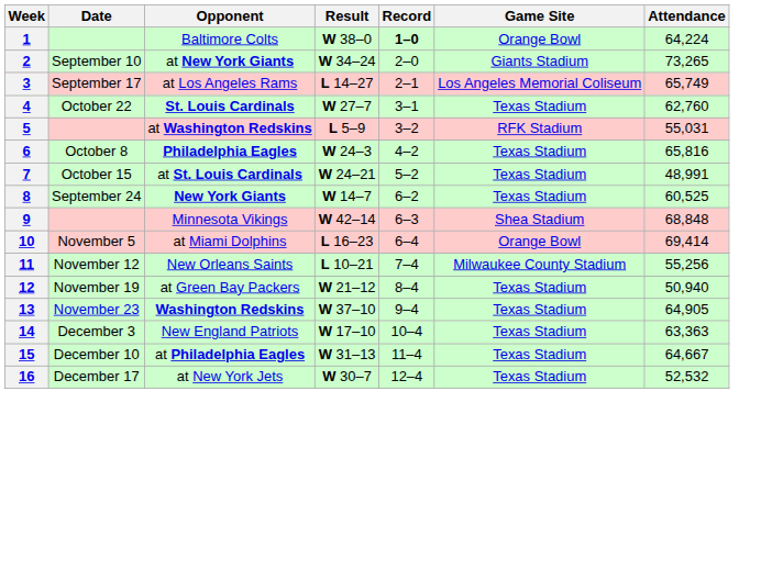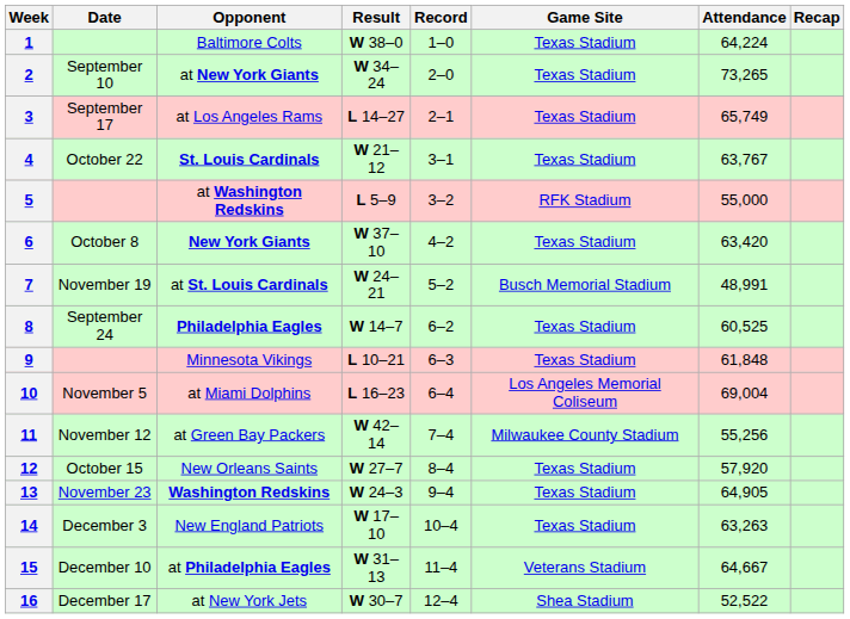 <table class="wikitable" style="text-align:center">
 <tr>
 <th>Week</th>
 <th>Date</th>
 <th>Opponent</th>
 <th>Result</th>
 <th>Record</th>
 <th>Game Site</th>
 <th>Attendance</th>
+<th>Recap</th>
 </tr>
 <tr style="background: #cfc">
 <th><a href='#'>1</a></th>
 <td></td>
 <td><a href='#'>Baltimore Colts</a></td>
 <td><strong>W</strong> 38–0</td>
-<td><strong>1–0</strong></td>
-<td><a href='#'>Orange Bowl</a></td>
+<td>1–0</td>
+<td><a href='#'>Texas Stadium</a></td>
 <td>64,224</td>
+<td></td>
 </tr>
 <tr style="background: #cfc">
 <th><a href='#'>2</a></th>
 <td>September 10</td>
 <td>at <strong><a href='#'>New York Giants</a></strong></td>
 <td><strong>W</strong> 34–24</td>
 <td>2–0</td>
-<td><a href='#'>Giants Stadium</a></td>
+<td><a href='#'>Texas Stadium</a></td>
 <td>73,265</td>
+<td></td>
 </tr>
 <tr style="background: #fcc">
 <th><a href='#'>3</a></th>
 <td>September 17</td>
 <td>at <a href='#'>Los Angeles Rams</a></td>
 <td><strong>L</strong> 14–27</td>
 <td>2–1</td>
-<td><a href='#'>Los Angeles Memorial Coliseum</a></td>
+<td><a href='#'>Texas Stadium</a></td>
 <td>65,749</td>
+<td></td>
 </tr>
 <tr style="background: #cfc">
 <th><a href='#'>4</a></th>
 <td>October 22</td>
 <td><strong><a href='#'>St. Louis Cardinals</a></strong></td>
-<td><strong>W</strong> 27–7</td>
+<td><strong>W</strong> 21–12</td>
 <td>3–1</td>
 <td><a href='#'>Texas Stadium</a></td>
-<td>62,760</td>
+<td>63,767</td>
+<td></td>
 </tr>
 <tr style="background: #fcc">
 <th><a href='#'>5</a></th>
 <td></td>
 <td>at <strong><a href='#'>Washington Redskins</a></strong></td>
 <td><strong>L</strong> 5–9</td>
 <td>3–2</td>
 <td><a href='#'>RFK Stadium</a></td>
-<td>55,031</td>
+<td>55,000</td>
+<td></td>
 </tr>
 <tr style="background: #cfc">
 <th><a href='#'>6</a></th>
 <td>October 8</td>
-<td><strong><a href='#'>Philadelphia Eagles</a></strong></td>
-<td><strong>W</strong> 24–3</td>
+<td><strong><a href='#'>New York Giants</a></strong></td>
+<td><strong>W</strong> 37–10</td>
 <td>4–2</td>
 <td><a href='#'>Texas Stadium</a></td>
-<td>65,816</td>
+<td>63,420</td>
+<td></td>
 </tr>
 <tr style="background: #cfc">
 <th><a href='#'>7</a></th>
-<td>October 15</td>
+<td>November 19</td>
 <td>at <strong><a href='#'>St. Louis Cardinals</a></strong></td>
 <td><strong>W</strong> 24–21 </td>
 <td>5–2</td>
-<td><a href='#'>Texas Stadium</a></td>
+<td><a href='#'>Busch Memorial Stadium</a></td>
 <td>48,991</td>
+<td></td>
 </tr>
 <tr style="background: #cfc">
 <th><a href='#'>8</a></th>
 <td>September 24</td>
-<td><strong><a href='#'>New York Giants</a></strong></td>
+<td><strong><a href='#'>Philadelphia Eagles</a></strong></td>
 <td><strong>W</strong> 14–7</td>
 <td>6–2</td>
 <td><a href='#'>Texas Stadium</a></td>
 <td>60,525</td>
+<td></td>
 </tr>
 <tr style="background: #fcc">
 <th><a href='#'>9</a></th>
 <td></td>
 <td><a href='#'>Minnesota Vikings</a></td>
-<td><strong>W</strong> 42–14</td>
+<td><strong>L</strong> 10–21</td>
 <td>6–3</td>
-<td><a href='#'>Shea Stadium</a></td>
-<td>68,848</td>
+<td><a href='#'>Texas Stadium</a></td>
+<td>61,848</td>
+<td></td>
 </tr>
 <tr style="background: #fcc">
 <th><a href='#'>10</a></th>
 <td>November 5</td>
 <td>at <a href='#'>Miami Dolphins</a></td>
 <td><strong>L</strong> 16–23</td>
 <td>6–4</td>
-<td><a href='#'>Orange Bowl</a></td>
-<td>69,414</td>
+<td><a href='#'>Los Angeles Memorial Coliseum</a></td>
+<td>69,004</td>
+<td></td>
 </tr>
 <tr style="background: #cfc">
 <th><a href='#'>11</a></th>
 <td>November 12</td>
-<td><a href='#'>New Orleans Saints</a></td>
-<td><strong>L</strong> 10–21</td>
+<td>at <a href='#'>Green Bay Packers</a></td>
+<td><strong>W</strong> 42–14</td>
 <td>7–4</td>
 <td><a href='#'>Milwaukee County Stadium</a></td>
 <td>55,256</td>
+<td></td>
 </tr>
 <tr style="background: #cfc">
 <th><a href='#'>12</a></th>
-<td>November 19</td>
-<td>at <a href='#'>Green Bay Packers</a></td>
-<td><strong>W</strong> 21–12</td>
+<td>October 15</td>
+<td><a href='#'>New Orleans Saints</a></td>
+<td><strong>W</strong> 27–7</td>
 <td>8–4</td>
 <td><a href='#'>Texas Stadium</a></td>
-<td>50,940</td>
+<td>57,920</td>
+<td></td>
 </tr>
 <tr style="background: #cfc">
 <th><a href='#'>13</a></th>
 <td><a href='#'>November 23</a></td>
 <td><strong><a href='#'>Washington Redskins</a></strong></td>
-<td><strong>W</strong> 37–10</td>
+<td><strong>W</strong> 24–3</td>
 <td>9–4</td>
 <td><a href='#'>Texas Stadium</a></td>
 <td>64,905</td>
+<td></td>
 </tr>
 <tr style="background: #cfc">
 <th><a href='#'>14</a></th>
 <td>December 3</td>
 <td><a href='#'>New England Patriots</a></td>
 <td><strong>W</strong> 17–10</td>
 <td>10–4</td>
 <td><a href='#'>Texas Stadium</a></td>
-<td>63,363</td>
+<td>63,263</td>
+<td></td>
 </tr>
 <tr style="background: #cfc">
 <th><a href='#'>15</a></th>
 <td>December 10</td>
 <td>at <strong><a href='#'>Philadelphia Eagles</a></strong></td>
 <td><strong>W</strong> 31–13</td>
 <td>11–4</td>
-<td><a href='#'>Texas Stadium</a></td>
+<td><a href='#'>Veterans Stadium</a></td>
 <td>64,667</td>
+<td></td>
 </tr>
 <tr style="background: #cfc">
 <th><a href='#'>16</a></th>
 <td>December 17</td>
 <td>at <a href='#'>New York Jets</a></td>
 <td><strong>W</strong> 30–7</td>
 <td>12–4</td>
-<td><a href='#'>Texas Stadium</a></td>
-<td>52,532</td>
+<td><a href='#'>Shea Stadium</a></td>
+<td>52,522</td>
+<td></td>
 </tr>
 </table>
